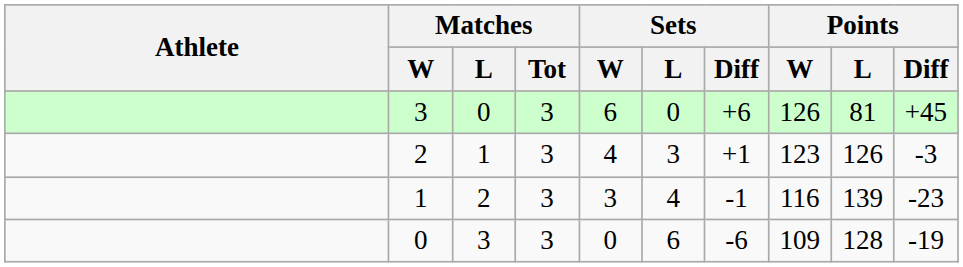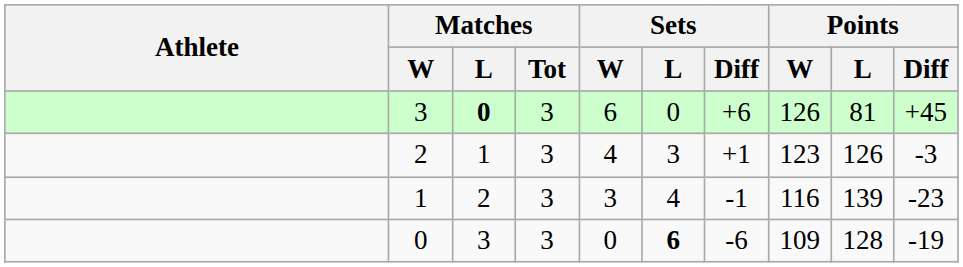 <table class=wikitable style="text-align:center">
 <tr>
 <th rowspan=2 width=220>Athlete</th>
 <th colspan=3 width=90>Matches</th>
 <th colspan=3 width=90>Sets</th>
 <th colspan=3 width=90>Points</th>
 </tr>
 <tr>
 <th width=30>W</th>
 <th width=30>L</th>
 <th width=30>Tot</th>
 <th width=30>W</th>
 <th width=30>L</th>
 <th width=30>Diff</th>
 <th width=30>W</th>
 <th width=30>L</th>
 <th width=30>Diff</th>
 </tr>
 <tr bgcolor=ccffcc>
 <td style="text-align:left"></td>
 <td>3</td>
-<td>0</td>
+<td><strong>0</strong></td>
 <td>3</td>
 <td>6</td>
 <td>0</td>
 <td>+6</td>
 <td>126</td>
 <td>81</td>
 <td>+45</td>
 </tr>
 <tr>
 <td style="text-align:left"></td>
 <td>2</td>
 <td>1</td>
 <td>3</td>
 <td>4</td>
 <td>3</td>
 <td>+1</td>
 <td>123</td>
 <td>126</td>
 <td>-3</td>
 </tr>
 <tr>
 <td style="text-align:left"></td>
 <td>1</td>
 <td>2</td>
 <td>3</td>
 <td>3</td>
 <td>4</td>
 <td>-1</td>
 <td>116</td>
 <td>139</td>
 <td>-23</td>
 </tr>
 <tr>
 <td style="text-align:left"></td>
 <td>0</td>
 <td>3</td>
 <td>3</td>
 <td>0</td>
-<td>6</td>
+<td><strong>6</strong></td>
 <td>-6</td>
 <td>109</td>
 <td>128</td>
 <td>-19</td>
 </tr>
 </table>
